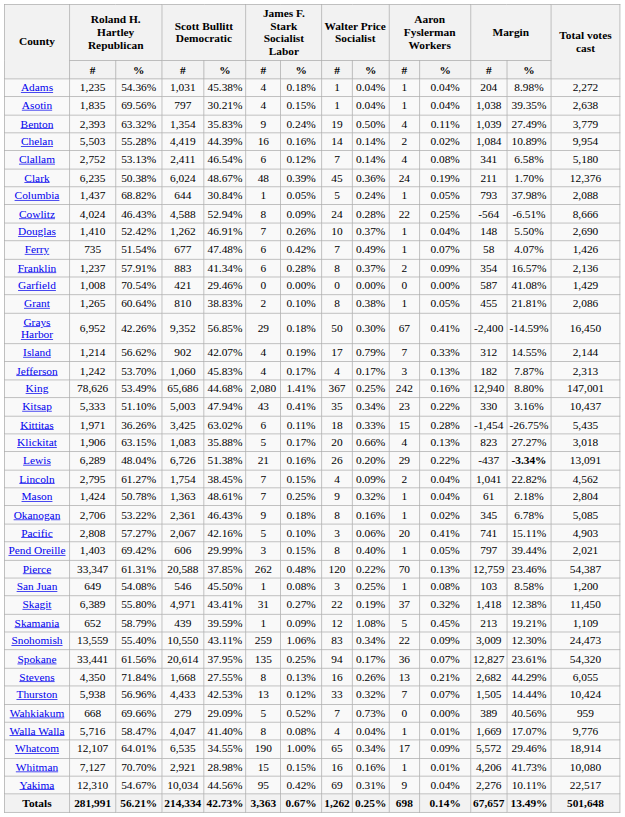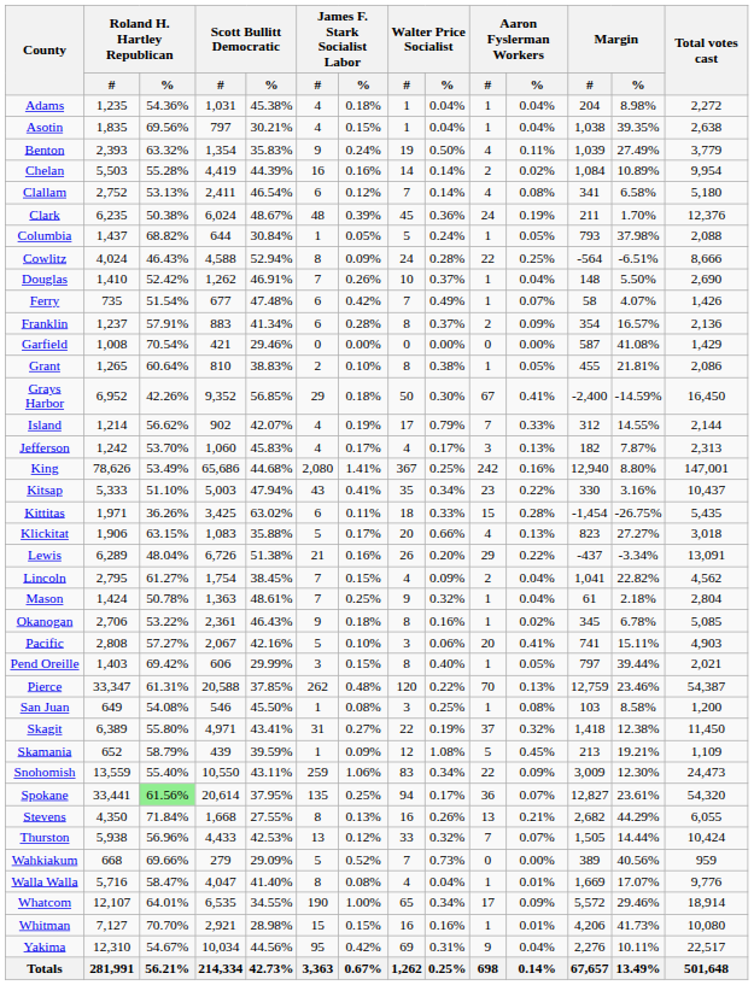 <table class="wikitable sortable">
 <tr>
 <th style="text-align:center;" rowspan="2">County</th>
 <th style="text-align:center;" colspan="2">Roland H. Hartley<br>Republican</th>
 <th style="text-align:center;" colspan="2">Scott Bullitt<br>Democratic</th>
 <th style="text-align:center;" colspan="2">James F. Stark<br>Socialist Labor</th>
 <th style="text-align:center;" colspan="2">Walter Price<br>Socialist</th>
 <th style="text-align:center;" colspan="2">Aaron Fyslerman<br>Workers</th>
 <th style="text-align:center;" colspan="2">Margin</th>
 <th style="text-align:center;" rowspan="2">Total votes cast</th>
 </tr>
 <tr bgcolor="lightgrey">
 <th style="text-align:center;" data-sort-type="number">#</th>
 <th style="text-align:center;" data-sort-type="number">%</th>
 <th style="text-align:center;" data-sort-type="number">#</th>
 <th style="text-align:center;" data-sort-type="number">%</th>
 <th style="text-align:center;" data-sort-type="number">#</th>
 <th style="text-align:center;" data-sort-type="number">%</th>
 <th style="text-align:center;" data-sort-type="number">#</th>
 <th style="text-align:center;" data-sort-type="number">%</th>
 <th style="text-align:center;" data-sort-type="number">#</th>
 <th style="text-align:center;" data-sort-type="number">%</th>
 <th style="text-align:center;" data-sort-type="number">#</th>
 <th style="text-align:center;" data-sort-type="number">%</th>
 </tr>
 <tr style="text-align:center;">
 <td><a href='#'>Adams</a></td>
 <td>1,235</td>
 <td>54.36%</td>
 <td>1,031</td>
 <td>45.38%</td>
 <td>4</td>
 <td>0.18%</td>
 <td>1</td>
 <td>0.04%</td>
 <td>1</td>
 <td>0.04%</td>
 <td>204</td>
 <td>8.98%</td>
 <td>2,272</td>
 </tr>
 <tr style="text-align:center;">
 <td><a href='#'>Asotin</a></td>
 <td>1,835</td>
 <td>69.56%</td>
 <td>797</td>
 <td>30.21%</td>
 <td>4</td>
 <td>0.15%</td>
 <td>1</td>
 <td>0.04%</td>
 <td>1</td>
 <td>0.04%</td>
 <td>1,038</td>
 <td>39.35%</td>
 <td>2,638</td>
 </tr>
 <tr style="text-align:center;">
 <td><a href='#'>Benton</a></td>
 <td>2,393</td>
 <td>63.32%</td>
 <td>1,354</td>
 <td>35.83%</td>
 <td>9</td>
 <td>0.24%</td>
 <td>19</td>
 <td>0.50%</td>
 <td>4</td>
 <td>0.11%</td>
 <td>1,039</td>
 <td>27.49%</td>
 <td>3,779</td>
 </tr>
 <tr style="text-align:center;">
 <td><a href='#'>Chelan</a></td>
 <td>5,503</td>
 <td>55.28%</td>
 <td>4,419</td>
 <td>44.39%</td>
 <td>16</td>
 <td>0.16%</td>
 <td>14</td>
 <td>0.14%</td>
 <td>2</td>
 <td>0.02%</td>
 <td>1,084</td>
 <td>10.89%</td>
 <td>9,954</td>
 </tr>
 <tr style="text-align:center;">
 <td><a href='#'>Clallam</a></td>
 <td>2,752</td>
 <td>53.13%</td>
 <td>2,411</td>
 <td>46.54%</td>
 <td>6</td>
 <td>0.12%</td>
 <td>7</td>
 <td>0.14%</td>
 <td>4</td>
 <td>0.08%</td>
 <td>341</td>
 <td>6.58%</td>
 <td>5,180</td>
 </tr>
 <tr style="text-align:center;">
 <td><a href='#'>Clark</a></td>
 <td>6,235</td>
 <td>50.38%</td>
 <td>6,024</td>
 <td>48.67%</td>
 <td>48</td>
 <td>0.39%</td>
 <td>45</td>
 <td>0.36%</td>
 <td>24</td>
 <td>0.19%</td>
 <td>211</td>
 <td>1.70%</td>
 <td>12,376</td>
 </tr>
 <tr style="text-align:center;">
 <td><a href='#'>Columbia</a></td>
 <td>1,437</td>
 <td>68.82%</td>
 <td>644</td>
 <td>30.84%</td>
 <td>1</td>
 <td>0.05%</td>
 <td>5</td>
 <td>0.24%</td>
 <td>1</td>
 <td>0.05%</td>
 <td>793</td>
 <td>37.98%</td>
 <td>2,088</td>
 </tr>
 <tr style="text-align:center;">
 <td><a href='#'>Cowlitz</a></td>
 <td>4,024</td>
 <td>46.43%</td>
 <td>4,588</td>
 <td>52.94%</td>
 <td>8</td>
 <td>0.09%</td>
 <td>24</td>
 <td>0.28%</td>
 <td>22</td>
 <td>0.25%</td>
 <td>-564</td>
 <td>-6.51%</td>
 <td>8,666</td>
 </tr>
 <tr style="text-align:center;">
 <td><a href='#'>Douglas</a></td>
 <td>1,410</td>
 <td>52.42%</td>
 <td>1,262</td>
 <td>46.91%</td>
 <td>7</td>
 <td>0.26%</td>
 <td>10</td>
 <td>0.37%</td>
 <td>1</td>
 <td>0.04%</td>
 <td>148</td>
 <td>5.50%</td>
 <td>2,690</td>
 </tr>
 <tr style="text-align:center;">
 <td><a href='#'>Ferry</a></td>
 <td>735</td>
 <td>51.54%</td>
 <td>677</td>
 <td>47.48%</td>
 <td>6</td>
 <td>0.42%</td>
 <td>7</td>
 <td>0.49%</td>
 <td>1</td>
 <td>0.07%</td>
 <td>58</td>
 <td>4.07%</td>
 <td>1,426</td>
 </tr>
 <tr style="text-align:center;">
 <td><a href='#'>Franklin</a></td>
 <td>1,237</td>
 <td>57.91%</td>
 <td>883</td>
 <td>41.34%</td>
 <td>6</td>
 <td>0.28%</td>
 <td>8</td>
 <td>0.37%</td>
 <td>2</td>
 <td>0.09%</td>
 <td>354</td>
 <td>16.57%</td>
 <td>2,136</td>
 </tr>
 <tr style="text-align:center;">
 <td><a href='#'>Garfield</a></td>
 <td>1,008</td>
 <td>70.54%</td>
 <td>421</td>
 <td>29.46%</td>
 <td>0</td>
 <td>0.00%</td>
 <td>0</td>
 <td>0.00%</td>
 <td>0</td>
 <td>0.00%</td>
 <td>587</td>
 <td>41.08%</td>
 <td>1,429</td>
 </tr>
 <tr style="text-align:center;">
 <td><a href='#'>Grant</a></td>
 <td>1,265</td>
 <td>60.64%</td>
 <td>810</td>
 <td>38.83%</td>
 <td>2</td>
 <td>0.10%</td>
 <td>8</td>
 <td>0.38%</td>
 <td>1</td>
 <td>0.05%</td>
 <td>455</td>
 <td>21.81%</td>
 <td>2,086</td>
 </tr>
 <tr style="text-align:center;">
 <td><a href='#'>Grays Harbor</a></td>
 <td>6,952</td>
 <td>42.26%</td>
 <td>9,352</td>
 <td>56.85%</td>
 <td>29</td>
 <td>0.18%</td>
 <td>50</td>
 <td>0.30%</td>
 <td>67</td>
 <td>0.41%</td>
 <td>-2,400</td>
 <td>-14.59%</td>
 <td>16,450</td>
 </tr>
 <tr style="text-align:center;">
 <td><a href='#'>Island</a></td>
 <td>1,214</td>
 <td>56.62%</td>
 <td>902</td>
 <td>42.07%</td>
 <td>4</td>
 <td>0.19%</td>
 <td>17</td>
 <td>0.79%</td>
 <td>7</td>
 <td>0.33%</td>
 <td>312</td>
 <td>14.55%</td>
 <td>2,144</td>
 </tr>
 <tr style="text-align:center;">
 <td><a href='#'>Jefferson</a></td>
 <td>1,242</td>
 <td>53.70%</td>
 <td>1,060</td>
 <td>45.83%</td>
 <td>4</td>
 <td>0.17%</td>
 <td>4</td>
 <td>0.17%</td>
 <td>3</td>
 <td>0.13%</td>
 <td>182</td>
 <td>7.87%</td>
 <td>2,313</td>
 </tr>
 <tr style="text-align:center;">
 <td><a href='#'>King</a></td>
 <td>78,626</td>
 <td>53.49%</td>
 <td>65,686</td>
 <td>44.68%</td>
 <td>2,080</td>
 <td>1.41%</td>
 <td>367</td>
 <td>0.25%</td>
 <td>242</td>
 <td>0.16%</td>
 <td>12,940</td>
 <td>8.80%</td>
 <td>147,001</td>
 </tr>
 <tr style="text-align:center;">
 <td><a href='#'>Kitsap</a></td>
 <td>5,333</td>
 <td>51.10%</td>
 <td>5,003</td>
 <td>47.94%</td>
 <td>43</td>
 <td>0.41%</td>
 <td>35</td>
 <td>0.34%</td>
 <td>23</td>
 <td>0.22%</td>
 <td>330</td>
 <td>3.16%</td>
 <td>10,437</td>
 </tr>
 <tr style="text-align:center;">
 <td><a href='#'>Kittitas</a></td>
 <td>1,971</td>
 <td>36.26%</td>
 <td>3,425</td>
 <td>63.02%</td>
 <td>6</td>
 <td>0.11%</td>
 <td>18</td>
 <td>0.33%</td>
 <td>15</td>
 <td>0.28%</td>
 <td>-1,454</td>
 <td>-26.75%</td>
 <td>5,435</td>
 </tr>
 <tr style="text-align:center;">
 <td><a href='#'>Klickitat</a></td>
 <td>1,906</td>
 <td>63.15%</td>
 <td>1,083</td>
 <td>35.88%</td>
 <td>5</td>
 <td>0.17%</td>
 <td>20</td>
 <td>0.66%</td>
 <td>4</td>
 <td>0.13%</td>
 <td>823</td>
 <td>27.27%</td>
 <td>3,018</td>
 </tr>
 <tr style="text-align:center;">
 <td><a href='#'>Lewis</a></td>
 <td>6,289</td>
 <td>48.04%</td>
 <td>6,726</td>
 <td>51.38%</td>
 <td>21</td>
 <td>0.16%</td>
 <td>26</td>
 <td>0.20%</td>
 <td>29</td>
 <td>0.22%</td>
 <td>-437</td>
-<td><strong>-3.34%</strong></td>
+<td>-3.34%</td>
 <td>13,091</td>
 </tr>
 <tr style="text-align:center;">
 <td><a href='#'>Lincoln</a></td>
 <td>2,795</td>
 <td>61.27%</td>
 <td>1,754</td>
 <td>38.45%</td>
 <td>7</td>
 <td>0.15%</td>
 <td>4</td>
 <td>0.09%</td>
 <td>2</td>
 <td>0.04%</td>
 <td>1,041</td>
 <td>22.82%</td>
 <td>4,562</td>
 </tr>
 <tr style="text-align:center;">
 <td><a href='#'>Mason</a></td>
 <td>1,424</td>
 <td>50.78%</td>
 <td>1,363</td>
 <td>48.61%</td>
 <td>7</td>
 <td>0.25%</td>
 <td>9</td>
 <td>0.32%</td>
 <td>1</td>
 <td>0.04%</td>
 <td>61</td>
 <td>2.18%</td>
 <td>2,804</td>
 </tr>
 <tr style="text-align:center;">
 <td><a href='#'>Okanogan</a></td>
 <td>2,706</td>
 <td>53.22%</td>
 <td>2,361</td>
 <td>46.43%</td>
 <td>9</td>
 <td>0.18%</td>
 <td>8</td>
 <td>0.16%</td>
 <td>1</td>
 <td>0.02%</td>
 <td>345</td>
 <td>6.78%</td>
 <td>5,085</td>
 </tr>
 <tr style="text-align:center;">
 <td><a href='#'>Pacific</a></td>
 <td>2,808</td>
 <td>57.27%</td>
 <td>2,067</td>
 <td>42.16%</td>
 <td>5</td>
 <td>0.10%</td>
 <td>3</td>
 <td>0.06%</td>
 <td>20</td>
 <td>0.41%</td>
 <td>741</td>
 <td>15.11%</td>
 <td>4,903</td>
 </tr>
 <tr style="text-align:center;">
 <td><a href='#'>Pend Oreille</a></td>
 <td>1,403</td>
 <td>69.42%</td>
 <td>606</td>
 <td>29.99%</td>
 <td>3</td>
 <td>0.15%</td>
 <td>8</td>
 <td>0.40%</td>
 <td>1</td>
 <td>0.05%</td>
 <td>797</td>
 <td>39.44%</td>
 <td>2,021</td>
 </tr>
 <tr style="text-align:center;">
 <td><a href='#'>Pierce</a></td>
 <td>33,347</td>
 <td>61.31%</td>
 <td>20,588</td>
 <td>37.85%</td>
 <td>262</td>
 <td>0.48%</td>
 <td>120</td>
 <td>0.22%</td>
 <td>70</td>
 <td>0.13%</td>
 <td>12,759</td>
 <td>23.46%</td>
 <td>54,387</td>
 </tr>
 <tr style="text-align:center;">
 <td><a href='#'>San Juan</a></td>
 <td>649</td>
 <td>54.08%</td>
 <td>546</td>
 <td>45.50%</td>
 <td>1</td>
 <td>0.08%</td>
 <td>3</td>
 <td>0.25%</td>
 <td>1</td>
 <td>0.08%</td>
 <td>103</td>
 <td>8.58%</td>
 <td>1,200</td>
 </tr>
 <tr style="text-align:center;">
 <td><a href='#'>Skagit</a></td>
 <td>6,389</td>
 <td>55.80%</td>
 <td>4,971</td>
 <td>43.41%</td>
 <td>31</td>
 <td>0.27%</td>
 <td>22</td>
 <td>0.19%</td>
 <td>37</td>
 <td>0.32%</td>
 <td>1,418</td>
 <td>12.38%</td>
 <td>11,450</td>
 </tr>
 <tr style="text-align:center;">
 <td><a href='#'>Skamania</a></td>
 <td>652</td>
 <td>58.79%</td>
 <td>439</td>
 <td>39.59%</td>
 <td>1</td>
 <td>0.09%</td>
 <td>12</td>
 <td>1.08%</td>
 <td>5</td>
 <td>0.45%</td>
 <td>213</td>
 <td>19.21%</td>
 <td>1,109</td>
 </tr>
 <tr style="text-align:center;">
 <td><a href='#'>Snohomish</a></td>
 <td>13,559</td>
 <td>55.40%</td>
 <td>10,550</td>
 <td>43.11%</td>
 <td>259</td>
 <td>1.06%</td>
 <td>83</td>
 <td>0.34%</td>
 <td>22</td>
 <td>0.09%</td>
 <td>3,009</td>
 <td>12.30%</td>
 <td>24,473</td>
 </tr>
 <tr style="text-align:center;">
 <td><a href='#'>Spokane</a></td>
 <td>33,441</td>
-<td>61.56%</td>
+<td style="background: lightgreen;">61.56%</td>
 <td>20,614</td>
 <td>37.95%</td>
 <td>135</td>
 <td>0.25%</td>
 <td>94</td>
 <td>0.17%</td>
 <td>36</td>
 <td>0.07%</td>
 <td>12,827</td>
 <td>23.61%</td>
 <td>54,320</td>
 </tr>
 <tr style="text-align:center;">
 <td><a href='#'>Stevens</a></td>
 <td>4,350</td>
 <td>71.84%</td>
 <td>1,668</td>
 <td>27.55%</td>
 <td>8</td>
 <td>0.13%</td>
 <td>16</td>
 <td>0.26%</td>
 <td>13</td>
 <td>0.21%</td>
 <td>2,682</td>
 <td>44.29%</td>
 <td>6,055</td>
 </tr>
 <tr style="text-align:center;">
 <td><a href='#'>Thurston</a></td>
 <td>5,938</td>
 <td>56.96%</td>
 <td>4,433</td>
 <td>42.53%</td>
 <td>13</td>
 <td>0.12%</td>
 <td>33</td>
 <td>0.32%</td>
 <td>7</td>
 <td>0.07%</td>
 <td>1,505</td>
 <td>14.44%</td>
 <td>10,424</td>
 </tr>
 <tr style="text-align:center;">
 <td><a href='#'>Wahkiakum</a></td>
 <td>668</td>
 <td>69.66%</td>
 <td>279</td>
 <td>29.09%</td>
 <td>5</td>
 <td>0.52%</td>
 <td>7</td>
 <td>0.73%</td>
 <td>0</td>
 <td>0.00%</td>
 <td>389</td>
 <td>40.56%</td>
 <td>959</td>
 </tr>
 <tr style="text-align:center;">
 <td><a href='#'>Walla Walla</a></td>
 <td>5,716</td>
 <td>58.47%</td>
 <td>4,047</td>
 <td>41.40%</td>
 <td>8</td>
 <td>0.08%</td>
 <td>4</td>
 <td>0.04%</td>
 <td>1</td>
 <td>0.01%</td>
 <td>1,669</td>
 <td>17.07%</td>
 <td>9,776</td>
 </tr>
 <tr style="text-align:center;">
 <td><a href='#'>Whatcom</a></td>
 <td>12,107</td>
 <td>64.01%</td>
 <td>6,535</td>
 <td>34.55%</td>
 <td>190</td>
 <td>1.00%</td>
 <td>65</td>
 <td>0.34%</td>
 <td>17</td>
 <td>0.09%</td>
 <td>5,572</td>
 <td>29.46%</td>
 <td>18,914</td>
 </tr>
 <tr style="text-align:center;">
 <td><a href='#'>Whitman</a></td>
 <td>7,127</td>
 <td>70.70%</td>
 <td>2,921</td>
 <td>28.98%</td>
 <td>15</td>
 <td>0.15%</td>
 <td>16</td>
 <td>0.16%</td>
 <td>1</td>
 <td>0.01%</td>
 <td>4,206</td>
 <td>41.73%</td>
 <td>10,080</td>
 </tr>
 <tr style="text-align:center;">
 <td><a href='#'>Yakima</a></td>
 <td>12,310</td>
 <td>54.67%</td>
 <td>10,034</td>
 <td>44.56%</td>
 <td>95</td>
 <td>0.42%</td>
 <td>69</td>
 <td>0.31%</td>
 <td>9</td>
 <td>0.04%</td>
 <td>2,276</td>
 <td>10.11%</td>
 <td>22,517</td>
 </tr>
 <tr>
 <th>Totals</th>
 <th>281,991</th>
 <th>56.21%</th>
 <th>214,334</th>
 <th>42.73%</th>
 <th>3,363</th>
 <th>0.67%</th>
 <th>1,262</th>
 <th>0.25%</th>
 <th>698</th>
 <th>0.14%</th>
 <th>67,657</th>
 <th>13.49%</th>
 <th>501,648</th>
 </tr>
 </table>
